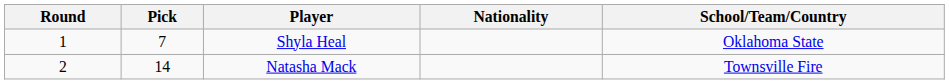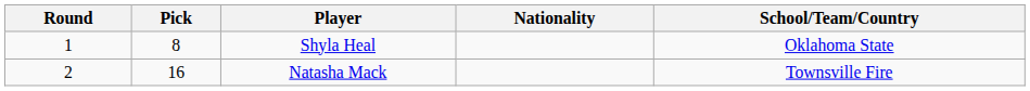 <table class="wikitable" style="text-align:center; width:60em">
 <tr>
 <th>Round</th>
 <th>Pick</th>
 <th>Player</th>
 <th>Nationality</th>
 <th>School/Team/Country</th>
 </tr>
 <tr>
 <td>1</td>
-<td>7</td>
+<td>8</td>
 <td><a href='#'>Shyla Heal</a></td>
 <td></td>
 <td><a href='#'>Oklahoma State</a></td>
 </tr>
 <tr>
 <td>2</td>
-<td>14</td>
+<td>16</td>
 <td><a href='#'>Natasha Mack</a></td>
 <td></td>
 <td><a href='#'>Townsville Fire</a> </td>
 </tr>
 </table>
